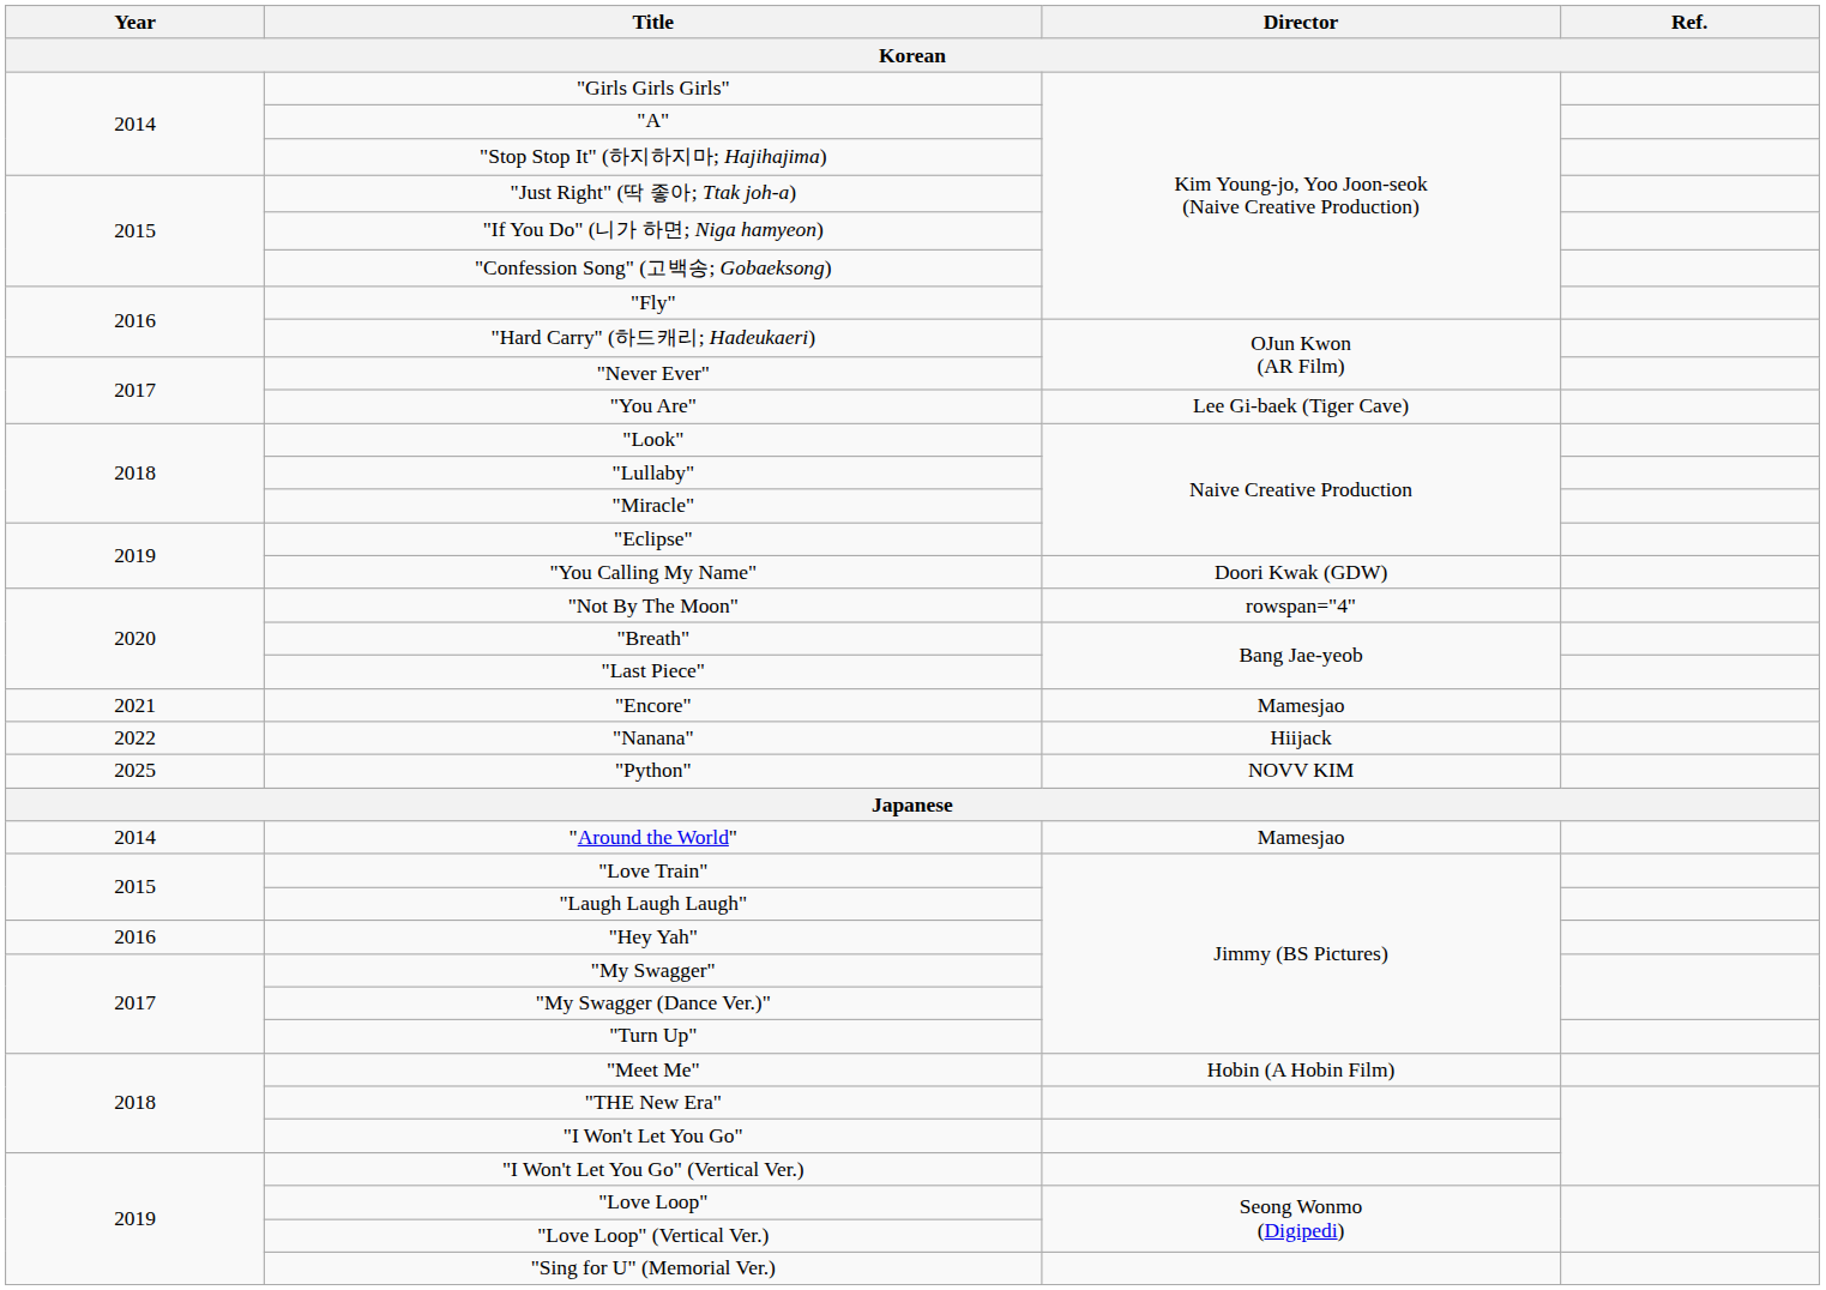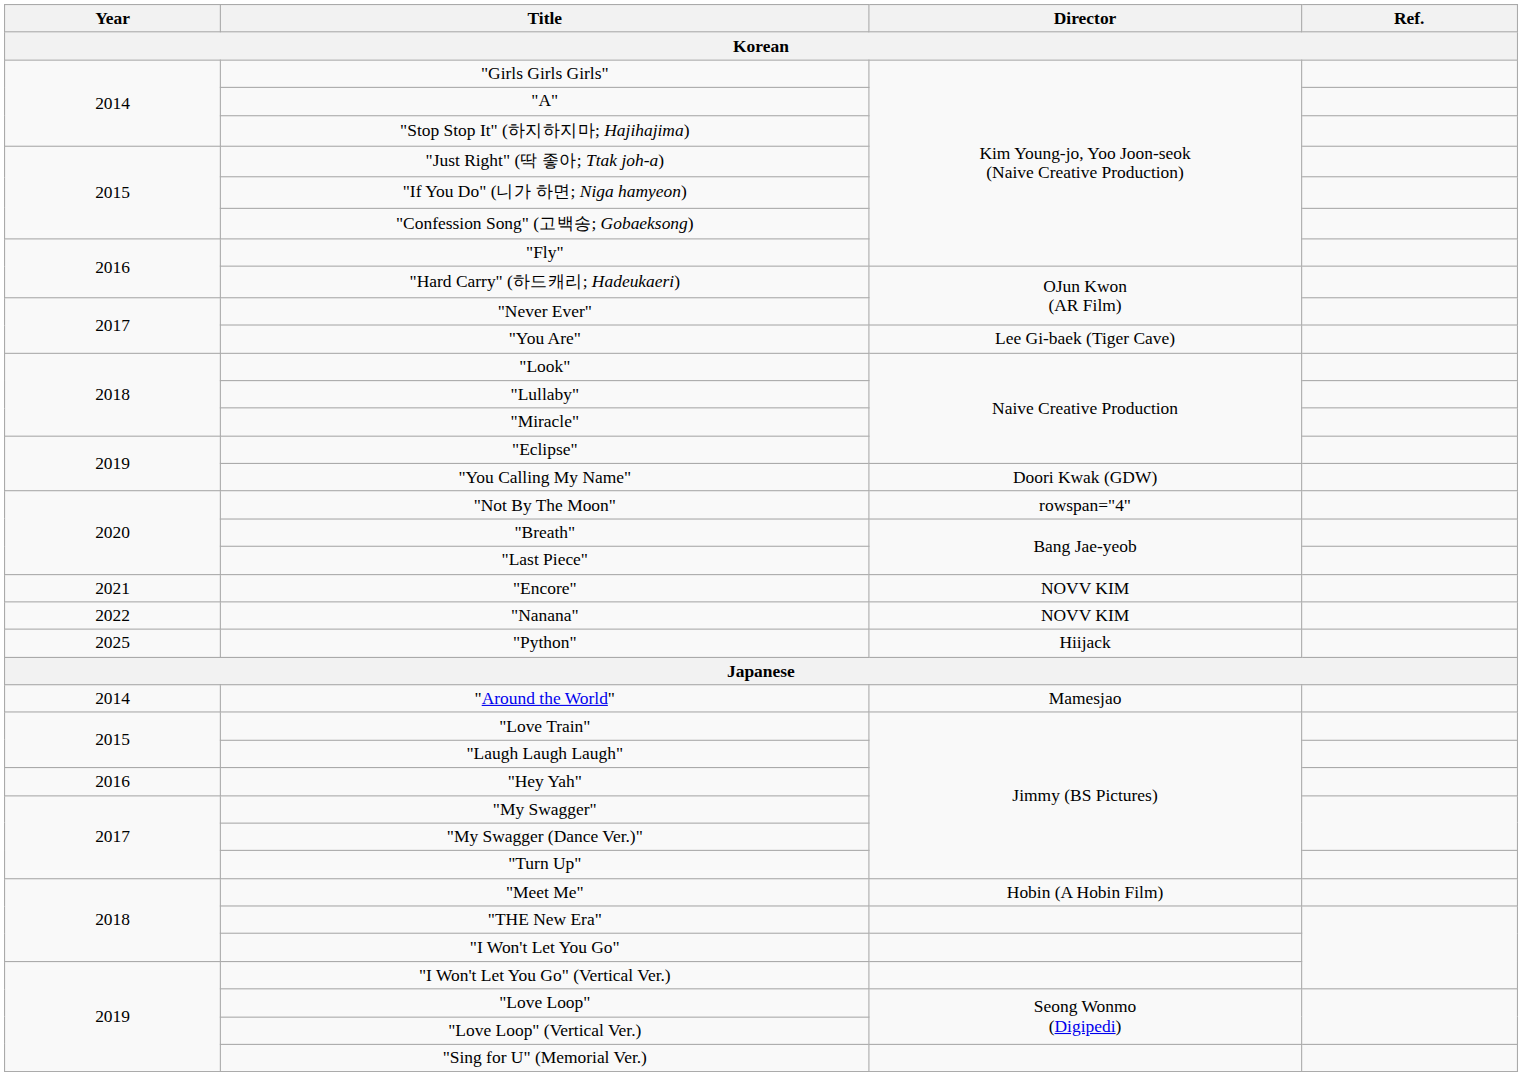 <table class="wikitable" style="text-align:center; font-size:100%; width:70%">
 <tr>
 <th style=" width:10%">Year</th>
 <th style=" width:30%">Title</th>
 <th style=" width:20%">Director</th>
 <th style=" width:10%">Ref.</th>
 </tr>
 <tr>
 <th colspan="4">Korean</th>
 </tr>
 <tr>
 <td rowspan="3">2014</td>
 <td>"Girls Girls Girls"</td>
 <td rowspan="7">Kim Young-jo, Yoo Joon-seok<br>(Naive Creative Production)</td>
 <td></td>
 </tr>
 <tr>
 <td>"A"</td>
 <td></td>
 </tr>
 <tr>
 <td>"Stop Stop It" (하지하지마; <em>Hajihajima</em>)</td>
 <td></td>
 </tr>
 <tr>
 <td rowspan="3">2015</td>
 <td>"Just Right" (딱 좋아; <em>Ttak joh-a</em>)</td>
 <td></td>
 </tr>
 <tr>
 <td>"If You Do" (니가 하면; <em>Niga hamyeon</em>)</td>
 <td></td>
 </tr>
 <tr>
 <td>"Confession Song" (고백송; <em>Gobaeksong</em>)</td>
 <td></td>
 </tr>
 <tr>
 <td rowspan="2">2016</td>
 <td>"Fly"</td>
 <td></td>
 </tr>
 <tr>
 <td>"Hard Carry" (하드캐리; <em>Hadeukaeri</em>)</td>
 <td rowspan="2">OJun Kwon<br>(AR Film)</td>
 <td></td>
 </tr>
 <tr>
 <td rowspan="2">2017</td>
 <td>"Never Ever"</td>
 <td></td>
 </tr>
 <tr>
 <td>"You Are"</td>
 <td>Lee Gi-baek (Tiger Cave)</td>
 <td></td>
 </tr>
 <tr>
 <td rowspan="3">2018</td>
 <td>"Look"</td>
 <td rowspan="4">Naive Creative Production</td>
 <td></td>
 </tr>
 <tr>
 <td>"Lullaby"</td>
 <td></td>
 </tr>
 <tr>
 <td>"Miracle"</td>
 <td></td>
 </tr>
 <tr>
 <td rowspan="2">2019</td>
 <td>"Eclipse"</td>
 <td></td>
 </tr>
 <tr>
 <td>"You Calling My Name"</td>
 <td>Doori Kwak (GDW)</td>
 <td></td>
 </tr>
 <tr>
 <td rowspan="3">2020</td>
 <td>"Not By The Moon"</td>
 <td>rowspan="4" </td>
 <td></td>
 </tr>
 <tr>
 <td>"Breath"</td>
 <td rowspan="2">Bang Jae-yeob</td>
 <td></td>
 </tr>
 <tr>
 <td>"Last Piece"</td>
 <td></td>
 </tr>
 <tr>
 <td>2021</td>
 <td>"Encore"</td>
-<td>Mamesjao</td>
+<td>NOVV KIM</td>
 <td></td>
 </tr>
 <tr>
 <td>2022</td>
 <td>"Nanana"</td>
-<td>Hiijack</td>
+<td>NOVV KIM</td>
 <td></td>
 </tr>
 <tr>
 <td>2025</td>
 <td>"Python"</td>
-<td>NOVV KIM</td>
+<td>Hiijack</td>
 <td></td>
 </tr>
 <tr>
 <th colspan="4">Japanese</th>
 </tr>
 <tr>
 <td>2014</td>
 <td>"<a href='#'>Around the World</a>"</td>
 <td>Mamesjao</td>
 <td></td>
 </tr>
 <tr>
 <td rowspan="2">2015</td>
 <td>"Love Train"</td>
 <td rowspan="6">Jimmy (BS Pictures)</td>
 <td></td>
 </tr>
 <tr>
 <td>"Laugh Laugh Laugh"</td>
 <td></td>
 </tr>
 <tr>
 <td>2016</td>
 <td>"Hey Yah"</td>
 <td></td>
 </tr>
 <tr>
 <td rowspan="3">2017</td>
 <td>"My Swagger"</td>
 <td rowspan="2"></td>
 </tr>
 <tr>
 <td>"My Swagger (Dance Ver.)"</td>
 </tr>
 <tr>
 <td>"Turn Up"</td>
 <td></td>
 </tr>
 <tr>
 <td rowspan="3">2018</td>
 <td>"Meet Me"</td>
 <td>Hobin (A Hobin Film)</td>
 <td></td>
 </tr>
 <tr>
 <td>"THE New Era"</td>
 <td></td>
 </tr>
 <tr>
 <td>"I Won't Let You Go"</td>
 <td></td>
 </tr>
 <tr>
 <td rowspan=4>2019</td>
 <td>"I Won't Let You Go" (Vertical Ver.)</td>
 <td></td>
 </tr>
 <tr>
 <td>"Love Loop"</td>
 <td rowspan="2">Seong Wonmo<br>(<a href='#'>Digipedi</a>)</td>
 <td rowspan="2"></td>
 </tr>
 <tr>
 <td>"Love Loop" (Vertical Ver.)</td>
 </tr>
 <tr>
 <td>"Sing for U" (Memorial Ver.)</td>
 <td></td>
 <td></td>
 </tr>
 <tr>
 </tr>
 </table>
